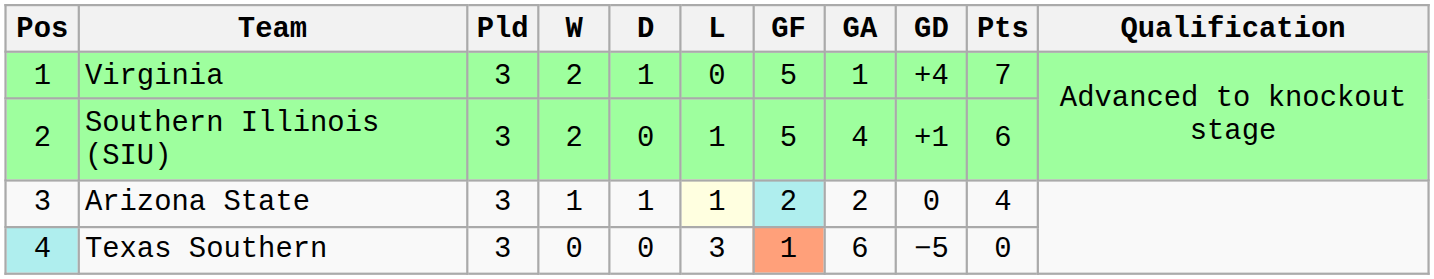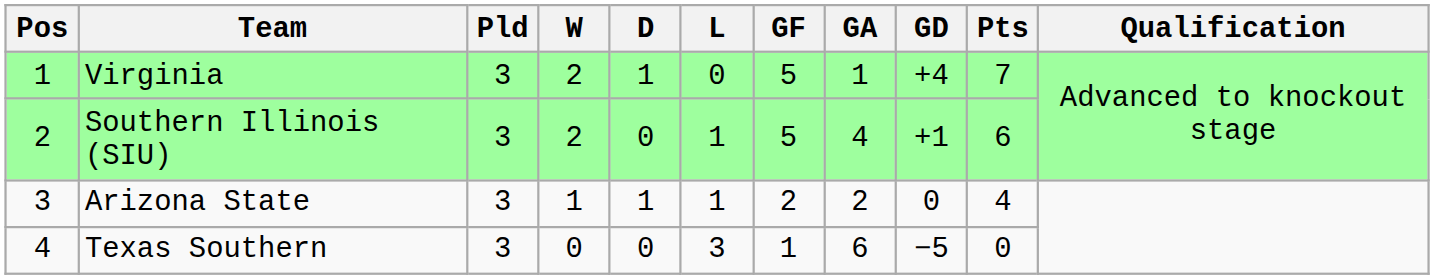 <table class="wikitable" style="text-align:center; margin: 1em auto">
 <tr>
 <th style="width:2em">Pos</th>
 <th style="width:13em">Team</th>
 <th style="width:2em">Pld</th>
 <th style="width:2em">W</th>
 <th style="width:2em">D</th>
 <th style="width:2em">L</th>
 <th style="width:2em">GF</th>
 <th style="width:2em">GA</th>
 <th style="width:2em">GD</th>
 <th style="width:2em">Pts</th>
 <th style="width:13em">Qualification</th>
 </tr>
 <tr bgcolor="#9eff9e">
 <td>1</td>
 <td style="text-align:left">Virginia</td>
 <td>3</td>
 <td>2</td>
 <td>1</td>
 <td>0</td>
 <td>5</td>
 <td>1</td>
 <td>+4</td>
 <td>7</td>
 <td rowspan="2">Advanced to knockout stage</td>
 </tr>
 <tr bgcolor="#9eff9e">
 <td>2</td>
 <td style="text-align:left">Southern Illinois (SIU)</td>
 <td>3</td>
 <td>2</td>
 <td>0</td>
 <td>1</td>
 <td>5</td>
 <td>4</td>
 <td>+1</td>
 <td>6</td>
 </tr>
 <tr>
 <td>3</td>
 <td style="text-align:left">Arizona State</td>
 <td>3</td>
 <td>1</td>
 <td>1</td>
-<td style="background: lightyellow;">1</td>
-<td style="background: paleturquoise;">2</td>
+<td>1</td>
+<td>2</td>
 <td>2</td>
 <td>0</td>
 <td>4</td>
 <td rowspan="2"></td>
 </tr>
 <tr>
-<td style="background: paleturquoise;">4</td>
+<td>4</td>
 <td style="text-align:left">Texas Southern</td>
 <td>3</td>
 <td>0</td>
 <td>0</td>
 <td>3</td>
-<td style="background: lightsalmon;">1</td>
+<td>1</td>
 <td>6</td>
 <td>−5</td>
 <td>0</td>
 </tr>
 </table>
